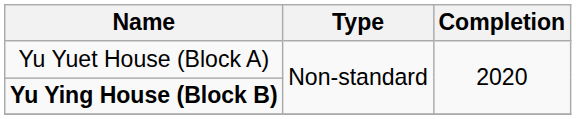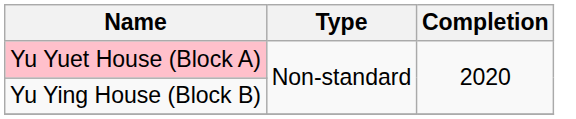 <table class="wikitable" style="text-align: center">
 <tr>
 <th>Name</th>
 <th>Type</th>
 <th>Completion</th>
 </tr>
 <tr>
-<td>Yu Yuet House (Block A)</td>
+<td style="background: pink;">Yu Yuet House (Block A)</td>
 <td rowspan="2">Non-standard</td>
 <td rowspan="2">2020</td>
 </tr>
 <tr>
-<td><strong>Yu Ying House (Block B)</strong></td>
+<td>Yu Ying House (Block B)</td>
 </tr>
 <tr>
 </tr>
 </table>
